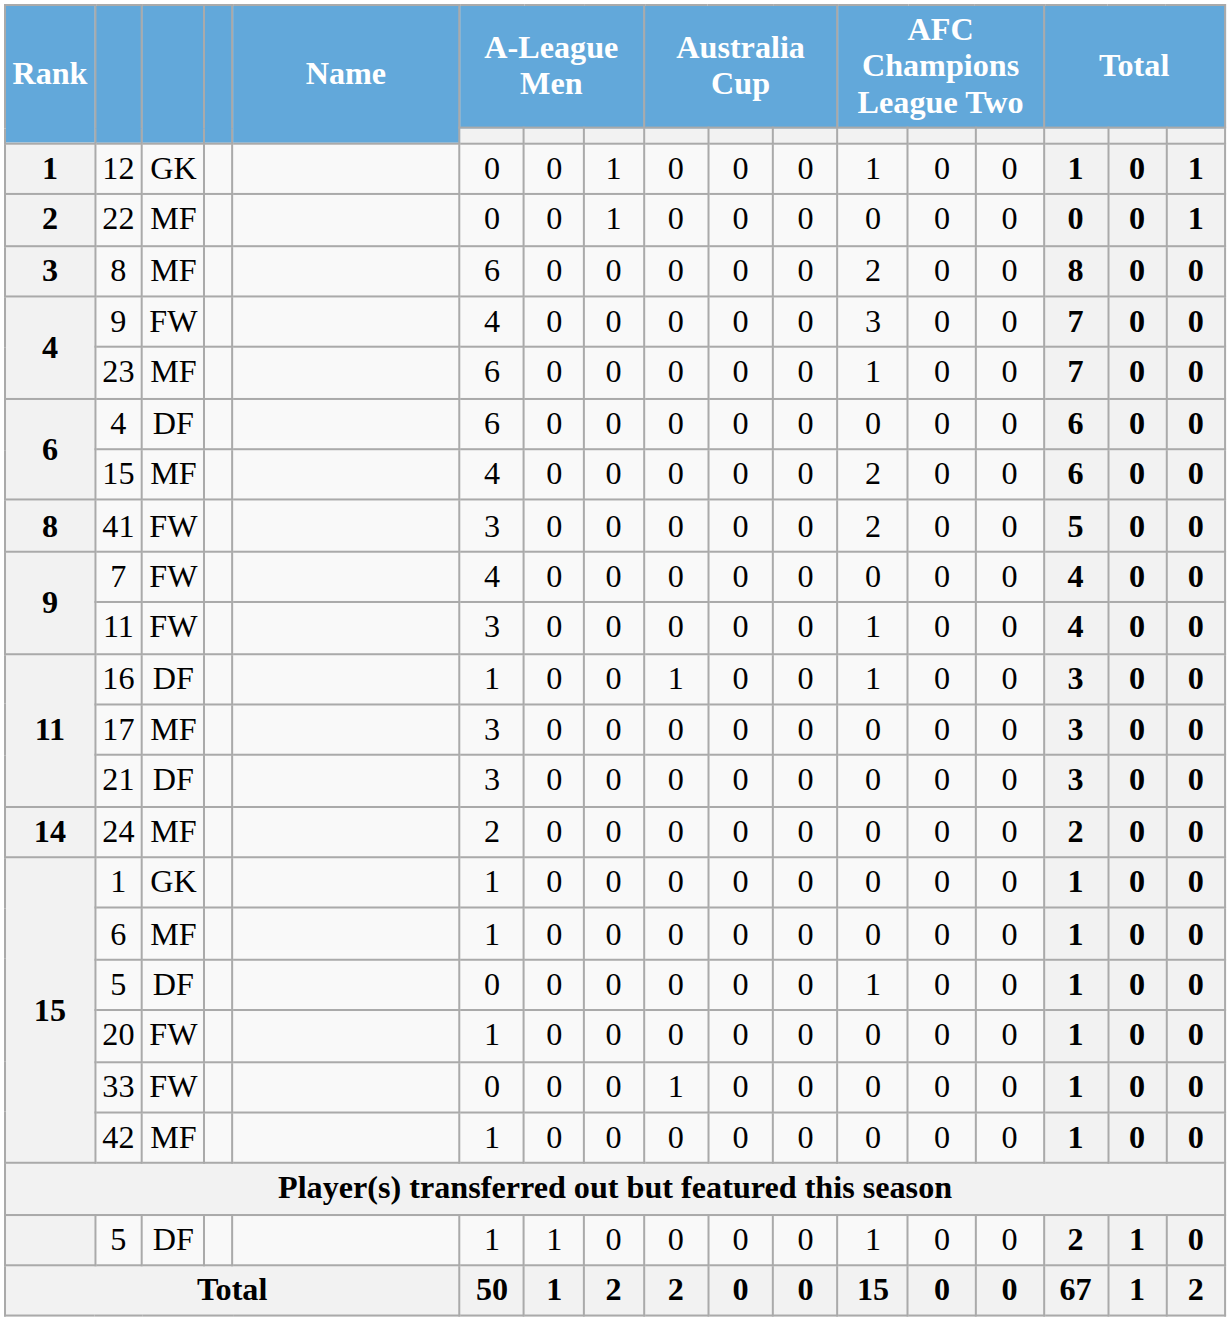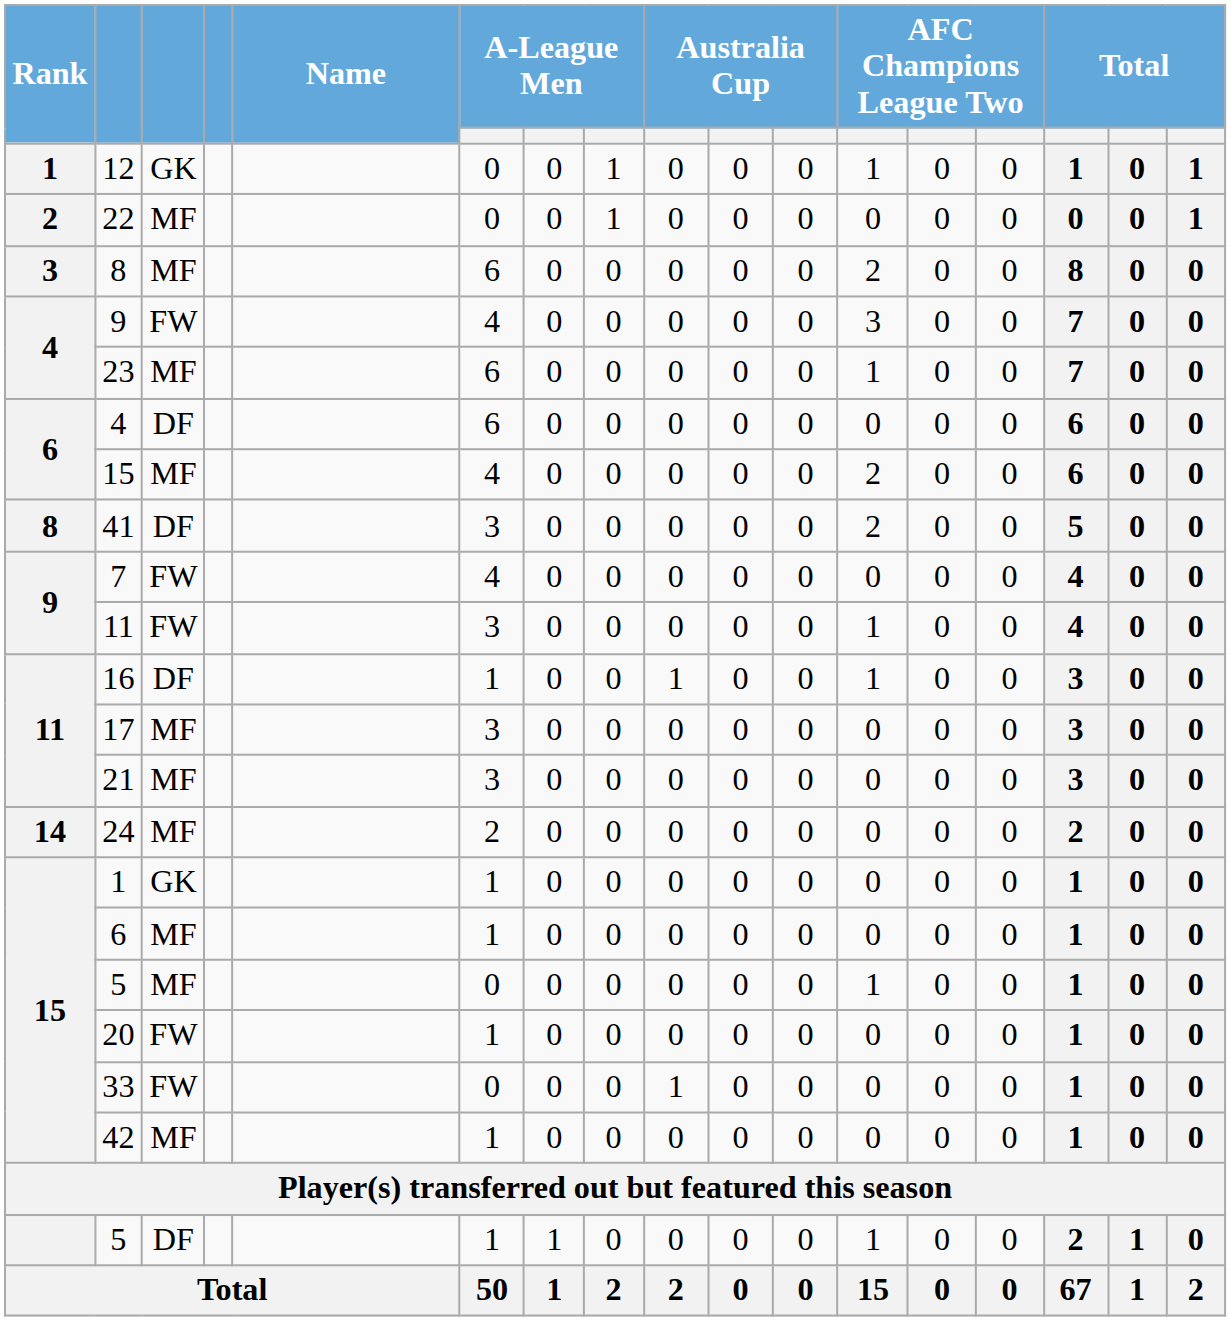 <table class="wikitable sortable" style="text-align:center;">
 <tr>
 <th rowspan="2" width="15" style="background:#62a8da;color:white;width:10px">Rank</th>
 <th rowspan="2" width="15" style="background:#62a8da;color:white;width:10px"></th>
 <th rowspan="2" width="15" style="background:#62a8da;color:white;width:10px"></th>
 <th rowspan="2" width="15" style="background:#62a8da;color:white;width:10px"></th>
 <th rowspan="2" width="145" style="background:#62a8da;color:white;">Name</th>
 <th colspan="3" width="120" style="background:#62a8da;color:white;width:10px">A-League Men</th>
 <th colspan="3" width="120" style="background:#62a8da;color:white;width:10px">Australia Cup</th>
 <th colspan="3" width="120" style="background:#62a8da;color:white;width:10px">AFC Champions League Two</th>
 <th colspan="3" width="120" style="background:#62a8da;color:white;width:10px">Total</th>
 </tr>
 <tr>
 <th style="width:30px" style="background:#62a8da;color:white;width:10px"></th>
 <th style="width:30px" style="background:#62a8da;color:white;width:10px"></th>
 <th style="width:30px" style="background:#62a8da;color:white;width:10px"></th>
 <th style="width:30px" style="background:#62a8da;color:white;width:10px"></th>
 <th style="width:30px" style="background:#62a8da;color:white;width:10px"></th>
 <th style="width:30px" style="background:#62a8da;color:white;width:10px"></th>
 <th style="width:30px" style="background:#62a8da;color:white;width:10px"></th>
 <th style="width:30px" style="background:#62a8da;color:white;width:10px"></th>
 <th style="width:30px" style="background:#62a8da;color:white;width:10px"></th>
 <th style="width:30px" style="background:#62a8da;color:white;width:10px"></th>
 <th style="width:30px" style="background:#62a8da;color:white;width:10px"></th>
 <th style="width:30px" style="background:#62a8da;color:white;width:10px"></th>
 </tr>
 <tr>
 <th>1</th>
 <td>12</td>
 <td>GK</td>
 <td></td>
 <td align="left"><br></td>
 <td>0</td>
 <td>0</td>
 <td>1<br></td>
 <td>0</td>
 <td>0</td>
 <td>0<br></td>
 <td>1</td>
 <td>0</td>
 <td>0<br></td>
 <th>1</th>
 <th>0</th>
 <th>1</th>
 </tr>
 <tr>
 <th>2</th>
 <td>22</td>
 <td>MF</td>
 <td></td>
 <td align="left"><br></td>
 <td>0</td>
 <td>0</td>
 <td>1<br></td>
 <td>0</td>
 <td>0</td>
 <td>0<br></td>
 <td>0</td>
 <td>0</td>
 <td>0<br></td>
 <th>0</th>
 <th>0</th>
 <th>1</th>
 </tr>
 <tr>
 <th rowspan="1">3</th>
 <td>8</td>
 <td>MF</td>
 <td></td>
 <td align="left"><br></td>
 <td>6</td>
 <td>0</td>
 <td>0<br></td>
 <td>0</td>
 <td>0</td>
 <td>0<br></td>
 <td>2</td>
 <td>0</td>
 <td>0<br></td>
 <th>8</th>
 <th>0</th>
 <th>0</th>
 </tr>
 <tr>
 <th rowspan="2">4</th>
 <td>9</td>
 <td>FW</td>
 <td></td>
 <td align="left"><br></td>
 <td>4</td>
 <td>0</td>
 <td>0<br></td>
 <td>0</td>
 <td>0</td>
 <td>0<br></td>
 <td>3</td>
 <td>0</td>
 <td>0<br></td>
 <th>7</th>
 <th>0</th>
 <th>0</th>
 </tr>
 <tr>
 <td>23</td>
 <td>MF</td>
 <td></td>
 <td align="left"><br></td>
 <td>6</td>
 <td>0</td>
 <td>0<br></td>
 <td>0</td>
 <td>0</td>
 <td>0<br></td>
 <td>1</td>
 <td>0</td>
 <td>0<br></td>
 <th>7</th>
 <th>0</th>
 <th>0</th>
 </tr>
 <tr>
 <th rowspan="2">6</th>
 <td>4</td>
 <td>DF</td>
 <td></td>
 <td align="left"><br></td>
 <td>6</td>
 <td>0</td>
 <td>0<br></td>
 <td>0</td>
 <td>0</td>
 <td>0<br></td>
 <td>0</td>
 <td>0</td>
 <td>0<br></td>
 <th>6</th>
 <th>0</th>
 <th>0</th>
 </tr>
 <tr>
 <td>15</td>
 <td>MF</td>
 <td></td>
 <td align="left"><br></td>
 <td>4</td>
 <td>0</td>
 <td>0<br></td>
 <td>0</td>
 <td>0</td>
 <td>0<br></td>
 <td>2</td>
 <td>0</td>
 <td>0<br></td>
 <th>6</th>
 <th>0</th>
 <th>0</th>
 </tr>
 <tr>
 <th rowspan="1">8</th>
 <td>41</td>
-<td>FW</td>
+<td>DF</td>
 <td></td>
 <td align="left"><br></td>
 <td>3</td>
 <td>0</td>
 <td>0<br></td>
 <td>0</td>
 <td>0</td>
 <td>0<br></td>
 <td>2</td>
 <td>0</td>
 <td>0<br></td>
 <th>5</th>
 <th>0</th>
 <th>0</th>
 </tr>
 <tr>
 <th rowspan="2">9</th>
 <td>7</td>
 <td>FW</td>
 <td></td>
 <td align="left"><br></td>
 <td>4</td>
 <td>0</td>
 <td>0<br></td>
 <td>0</td>
 <td>0</td>
 <td>0<br></td>
 <td>0</td>
 <td>0</td>
 <td>0<br></td>
 <th>4</th>
 <th>0</th>
 <th>0</th>
 </tr>
 <tr>
 <td>11</td>
 <td>FW</td>
 <td></td>
 <td align="left"><br></td>
 <td>3</td>
 <td>0</td>
 <td>0<br></td>
 <td>0</td>
 <td>0</td>
 <td>0<br></td>
 <td>1</td>
 <td>0</td>
 <td>0<br></td>
 <th>4</th>
 <th>0</th>
 <th>0</th>
 </tr>
 <tr>
 <th rowspan="3">11</th>
 <td>16</td>
 <td>DF</td>
 <td></td>
 <td align="left"><br></td>
 <td>1</td>
 <td>0</td>
 <td>0<br></td>
 <td>1</td>
 <td>0</td>
 <td>0<br></td>
 <td>1</td>
 <td>0</td>
 <td>0<br></td>
 <th>3</th>
 <th>0</th>
 <th>0</th>
 </tr>
 <tr>
 <td>17</td>
 <td>MF</td>
 <td></td>
 <td align="left"><br></td>
 <td>3</td>
 <td>0</td>
 <td>0<br></td>
 <td>0</td>
 <td>0</td>
 <td>0<br></td>
 <td>0</td>
 <td>0</td>
 <td>0<br></td>
 <th>3</th>
 <th>0</th>
 <th>0</th>
 </tr>
 <tr>
 <td>21</td>
-<td>DF</td>
+<td>MF</td>
 <td></td>
 <td align="left"><br></td>
 <td>3</td>
 <td>0</td>
 <td>0<br></td>
 <td>0</td>
 <td>0</td>
 <td>0<br></td>
 <td>0</td>
 <td>0</td>
 <td>0<br></td>
 <th>3</th>
 <th>0</th>
 <th>0</th>
 </tr>
 <tr>
 <th rowspan="1">14</th>
 <td>24</td>
 <td>MF</td>
 <td></td>
 <td align="left"><br></td>
 <td>2</td>
 <td>0</td>
 <td>0<br></td>
 <td>0</td>
 <td>0</td>
 <td>0<br></td>
 <td>0</td>
 <td>0</td>
 <td>0<br></td>
 <th>2</th>
 <th>0</th>
 <th>0</th>
 </tr>
 <tr>
 <th rowspan="6">15</th>
 <td>1</td>
 <td>GK</td>
 <td></td>
 <td align="left"><br></td>
 <td>1</td>
 <td>0</td>
 <td>0<br></td>
 <td>0</td>
 <td>0</td>
 <td>0<br></td>
 <td>0</td>
 <td>0</td>
 <td>0<br></td>
 <th>1</th>
 <th>0</th>
 <th>0</th>
 </tr>
 <tr>
 <td>6</td>
 <td>MF</td>
 <td></td>
 <td align="left"><br></td>
 <td>1</td>
 <td>0</td>
 <td>0<br></td>
 <td>0</td>
 <td>0</td>
 <td>0<br></td>
 <td>0</td>
 <td>0</td>
 <td>0<br></td>
 <th>1</th>
 <th>0</th>
 <th>0</th>
 </tr>
 <tr>
 <td>5</td>
-<td>DF</td>
+<td>MF</td>
 <td></td>
 <td align="left"><br></td>
 <td>0</td>
 <td>0</td>
 <td>0<br></td>
 <td>0</td>
 <td>0</td>
 <td>0<br></td>
 <td>1</td>
 <td>0</td>
 <td>0<br></td>
 <th>1</th>
 <th>0</th>
 <th>0</th>
 </tr>
 <tr>
 <td>20</td>
 <td>FW</td>
 <td></td>
 <td align="left"><br></td>
 <td>1</td>
 <td>0</td>
 <td>0<br></td>
 <td>0</td>
 <td>0</td>
 <td>0<br></td>
 <td>0</td>
 <td>0</td>
 <td>0<br></td>
 <th>1</th>
 <th>0</th>
 <th>0</th>
 </tr>
 <tr>
 <td>33</td>
 <td>FW</td>
 <td></td>
 <td align="left"><br></td>
 <td>0</td>
 <td>0</td>
 <td>0<br></td>
 <td>1</td>
 <td>0</td>
 <td>0<br></td>
 <td>0</td>
 <td>0</td>
 <td>0<br></td>
 <th>1</th>
 <th>0</th>
 <th>0</th>
 </tr>
 <tr>
 <td>42</td>
 <td>MF</td>
 <td></td>
 <td align="left"><br></td>
 <td>1</td>
 <td>0</td>
 <td>0<br></td>
 <td>0</td>
 <td>0</td>
 <td>0<br></td>
 <td>0</td>
 <td>0</td>
 <td>0<br></td>
 <th>1</th>
 <th>0</th>
 <th>0</th>
 </tr>
 <tr>
 <th colspan="23" style="width:30px" style="background:#62a8da;color:white;width:10px">Player(s) transferred out but featured this season</th>
 </tr>
 <tr>
 <th></th>
 <td>5</td>
 <td>DF</td>
 <td></td>
 <td align="left"><br></td>
 <td>1</td>
 <td>1</td>
 <td>0<br></td>
 <td>0</td>
 <td>0</td>
 <td>0<br></td>
 <td>1</td>
 <td>0</td>
 <td>0<br></td>
 <th>2</th>
 <th>1</th>
 <th>0</th>
 </tr>
 <tr>
 <th colspan="5">Total<br></th>
 <th>50</th>
 <th>1</th>
 <th>2<br></th>
 <th>2</th>
 <th>0</th>
 <th>0<br></th>
 <th>15</th>
 <th>0</th>
 <th>0<br></th>
 <th>67</th>
 <th>1</th>
 <th>2</th>
 </tr>
 </table>
